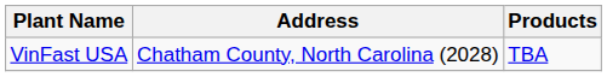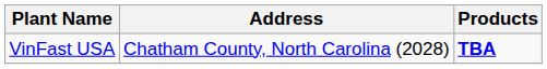 <table class="wikitable">
 <tr>
 <th>Plant Name</th>
 <th>Address</th>
 <th>Products</th>
 </tr>
 <tr --->
 <td><a href='#'>VinFast USA</a></td>
 <td><a href='#'>Chatham County, North Carolina</a> (2028)</td>
-<td><a href='#'>TBA</a></td>
+<td><strong><a href='#'>TBA</a></strong></td>
 </tr>
 <tr --->
 </tr>
 <tr --->
 </tr>
 </table>
